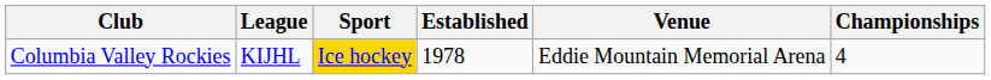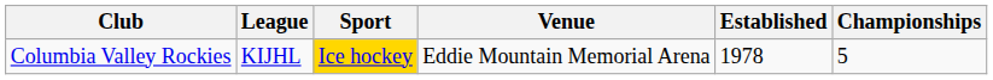 <table class="wikitable ">
 <tr>
 <th scope="col">Club</th>
 <th scope="col">League</th>
 <th scope="col">Sport</th>
+<th scope="col">Venue</th>
 <th scope="col">Established</th>
-<th scope="col">Venue</th>
 <th scope="col">Championships</th>
 </tr>
 <tr>
 <td><a href='#'>Columbia Valley Rockies</a></td>
 <td><a href='#'>KIJHL</a></td>
 <td style="background: gold;"><a href='#'>Ice hockey</a></td>
+<td>Eddie Mountain Memorial Arena</td>
 <td>1978</td>
-<td>Eddie Mountain Memorial Arena</td>
-<td>4</td>
+<td>5</td>
 </tr>
 </table>
